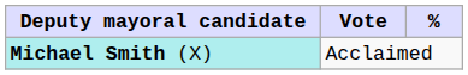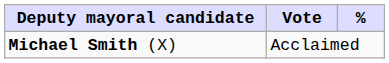 <table class="wikitable">
 <tr>
 <th style="background:#ddf; width:200px;">Deputy mayoral candidate</th>
 <th style="background:#ddf; width:50px;">Vote</th>
 <th style="background:#ddf; width:30px;">%</th>
 </tr>
 <tr>
-<td style="background: paleturquoise;"><strong>Michael Smith</strong> (X)</td>
+<td><strong>Michael Smith</strong> (X)</td>
 <td colspan="2">Acclaimed</td>
 </tr>
 </table>
